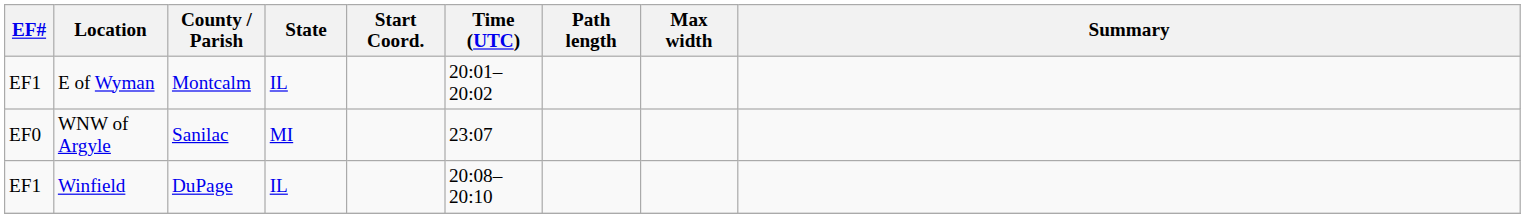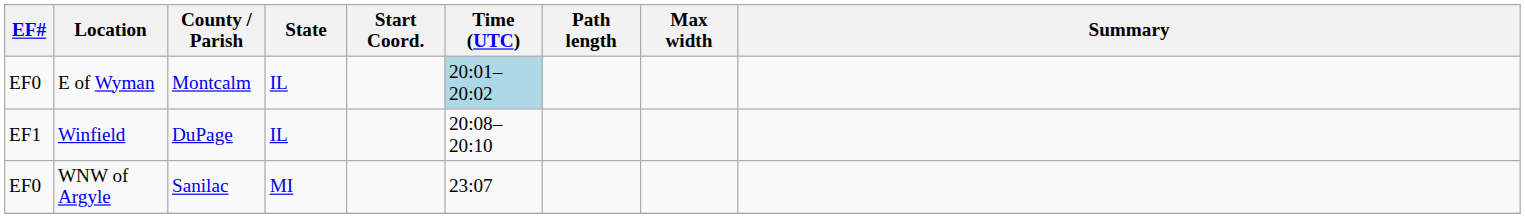 <table class="wikitable sortable" style="width:100%;">
 <tr>
 <th scope="col"  style="width:3%; text-align:center;"><a href='#'>EF#</a></th>
 <th scope="col"  style="width:7%; text-align:center;" class="unsortable">Location</th>
 <th scope="col"  style="width:6%; text-align:center;" class="unsortable">County / Parish</th>
 <th scope="col"  style="width:5%; text-align:center;">State</th>
 <th scope="col"  style="width:6%; text-align:center;">Start Coord.</th>
 <th scope="col"  style="width:6%; text-align:center;">Time (<a href='#'>UTC</a>)</th>
 <th scope="col"  style="width:6%; text-align:center;">Path length</th>
 <th scope="col"  style="width:6%; text-align:center;">Max width</th>
 <th scope="col" class="unsortable" style="width:48%; text-align:center;">Summary</th>
 </tr>
 <tr>
-<td>EF1</td>
+<td>EF0</td>
 <td>E of <a href='#'>Wyman</a></td>
 <td><a href='#'>Montcalm</a></td>
 <td><a href='#'>IL</a></td>
 <td></td>
-<td>20:01–20:02</td>
+<td style="background: lightblue;">20:01–20:02</td>
+<td></td>
+<td></td>
+<td></td>
+</tr>
+<tr>
+<td>EF1</td>
+<td><a href='#'>Winfield</a></td>
+<td><a href='#'>DuPage</a></td>
+<td><a href='#'>IL</a></td>
+<td></td>
+<td>20:08–20:10</td>
 <td></td>
 <td></td>
 <td></td>
 </tr>
 <tr>
 <td>EF0</td>
 <td>WNW of <a href='#'>Argyle</a></td>
 <td><a href='#'>Sanilac</a></td>
 <td><a href='#'>MI</a></td>
 <td></td>
 <td>23:07</td>
 <td></td>
 <td></td>
 <td></td>
 </tr>
 <tr>
-<td>EF1</td>
-<td><a href='#'>Winfield</a></td>
-<td><a href='#'>DuPage</a></td>
-<td><a href='#'>IL</a></td>
-<td></td>
-<td>20:08–20:10</td>
-<td></td>
-<td></td>
-<td></td>
-</tr>
-<tr>
 </tr>
 </table>
